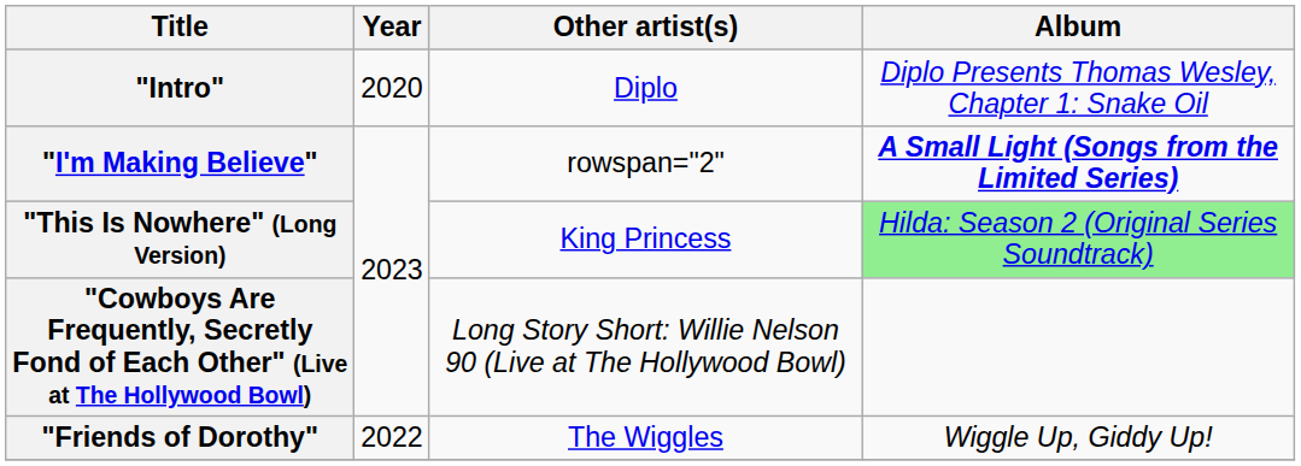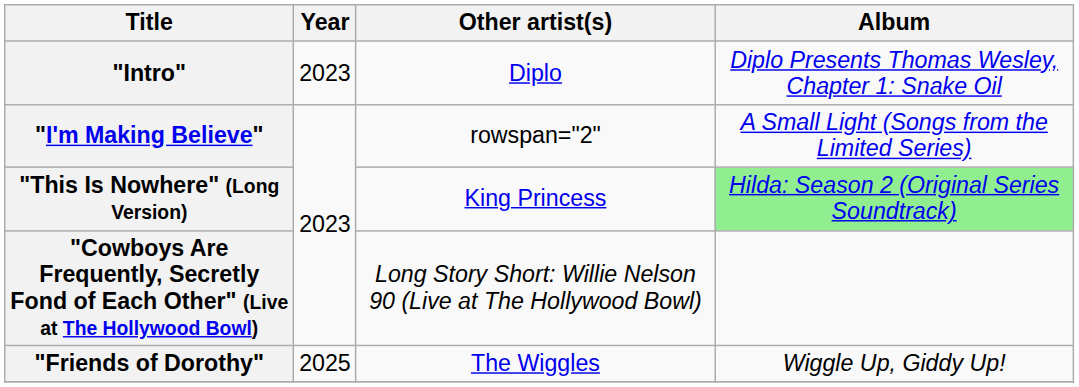 <table class="wikitable plainrowheaders" style="text-align:center;">
 <tr>
 <th scope="col" style="width:12em;">Title</th>
 <th scope="col" style="width:1em;">Year</th>
 <th scope="col" style="width:15em;">Other artist(s)</th>
 <th scope="col" style="width:15em;">Album</th>
 </tr>
 <tr>
 <th scope="row">"Intro"</th>
-<td>2020</td>
+<td>2023</td>
 <td><a href='#'>Diplo</a></td>
 <td><em><a href='#'>Diplo Presents Thomas Wesley, Chapter 1: Snake Oil</a></em></td>
 </tr>
 <tr>
 <th scope="row">"<a href='#'>I'm Making Believe</a>"</th>
 <td rowspan="3">2023</td>
 <td>rowspan="2" </td>
-<td><strong><em><a href='#'>A Small Light (Songs from the Limited Series)</a></em></strong></td>
+<td><em><a href='#'>A Small Light (Songs from the Limited Series)</a></em></td>
 </tr>
 <tr>
 <th scope="row">"This Is Nowhere" <small>(Long Version)</small></th>
 <td><a href='#'>King Princess</a></td>
 <td style="background: lightgreen;"><em><a href='#'>Hilda: Season 2 (Original Series Soundtrack)</a></em></td>
 </tr>
 <tr>
 <th scope="row">"Cowboys Are Frequently, Secretly Fond of Each Other" <small>(Live at <a href='#'>The Hollywood Bowl</a>)</small></th>
 <td><em>Long Story Short: Willie Nelson 90 (Live at The Hollywood Bowl)</em></td>
 </tr>
 <tr>
 <th scope="row">"Friends of Dorothy"</th>
-<td>2022</td>
+<td>2025</td>
 <td><a href='#'>The Wiggles</a></td>
 <td><em>Wiggle Up, Giddy Up!</em></td>
 </tr>
 <tr>
 </tr>
 </table>
